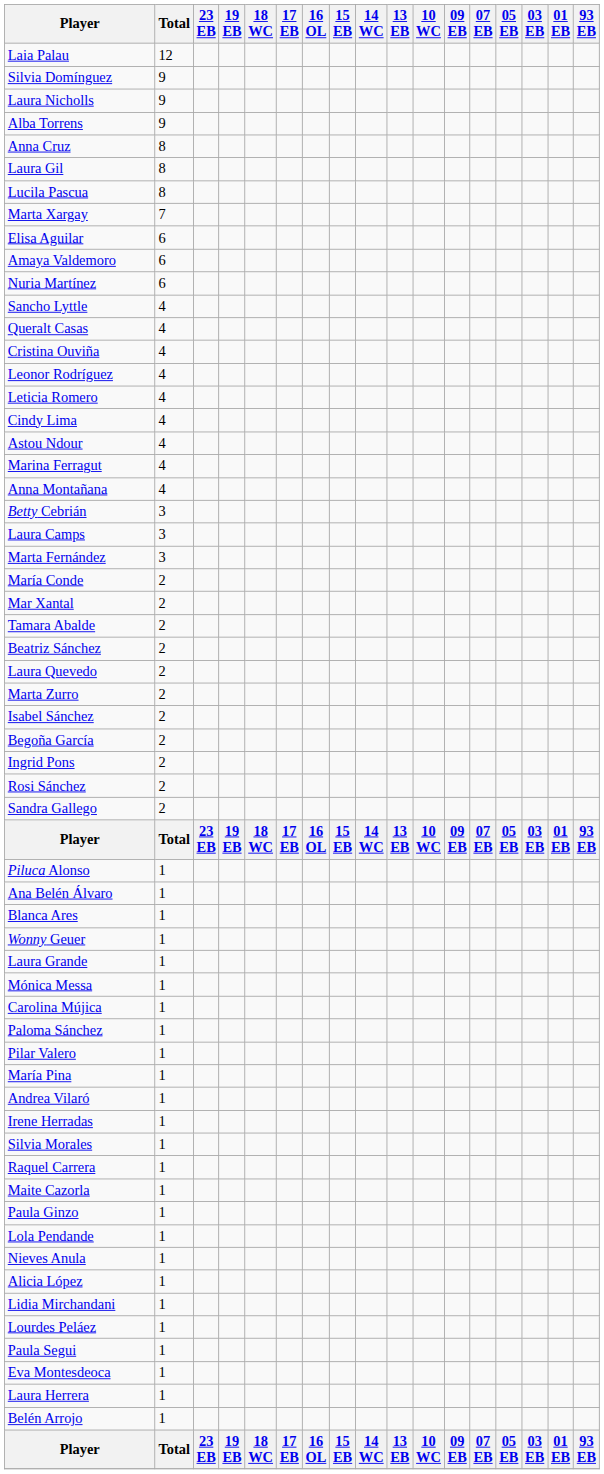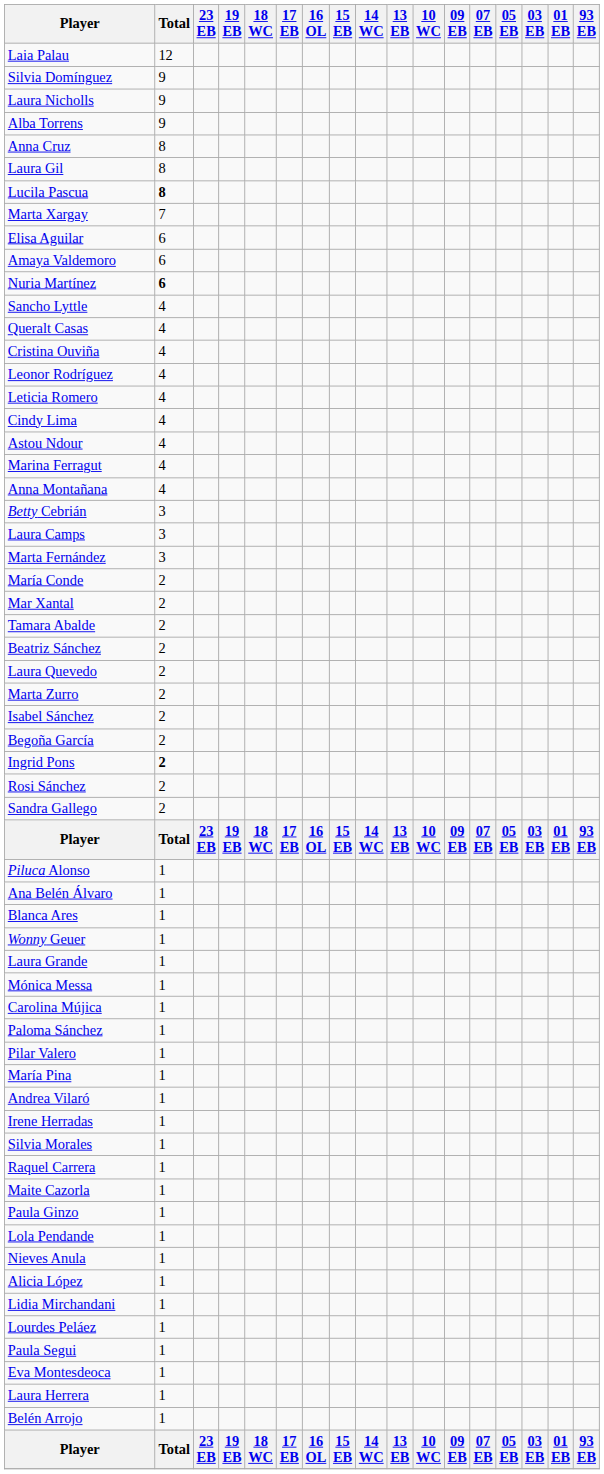 <table class="wikitable">
 <tr>
 <th style="width:160px;">Player</th>
 <th>Total</th>
 <th><a href='#'>23<br>EB</a></th>
 <th><a href='#'>19<br>EB</a></th>
 <th><a href='#'>18<br>WC</a></th>
 <th><a href='#'>17<br>EB</a></th>
 <th><a href='#'>16<br>OL</a></th>
 <th><a href='#'>15<br>EB</a></th>
 <th><a href='#'>14<br>WC</a></th>
 <th><a href='#'>13<br>EB</a></th>
 <th><a href='#'>10<br>WC</a></th>
 <th><a href='#'>09<br>EB</a></th>
 <th><a href='#'>07<br>EB</a></th>
 <th><a href='#'>05<br>EB</a></th>
 <th><a href='#'>03<br>EB</a></th>
 <th><a href='#'>01<br>EB</a></th>
 <th><a href='#'>93<br>EB</a></th>
 </tr>
 <tr>
 <td><a href='#'>Laia Palau</a></td>
 <td>12</td>
 <td></td>
 <td></td>
 <td></td>
 <td></td>
 <td></td>
 <td></td>
 <td></td>
 <td></td>
 <td></td>
 <td></td>
 <td></td>
 <td></td>
 <td></td>
 <td></td>
 <td></td>
 </tr>
 <tr>
 <td><a href='#'>Silvia Domínguez</a></td>
 <td>9</td>
 <td></td>
 <td></td>
 <td></td>
 <td></td>
 <td></td>
 <td></td>
 <td></td>
 <td></td>
 <td></td>
 <td></td>
 <td></td>
 <td></td>
 <td></td>
 <td></td>
 <td></td>
 </tr>
 <tr>
 <td><a href='#'>Laura Nicholls</a></td>
 <td>9</td>
 <td></td>
 <td></td>
 <td></td>
 <td></td>
 <td></td>
 <td></td>
 <td></td>
 <td></td>
 <td></td>
 <td></td>
 <td></td>
 <td></td>
 <td></td>
 <td></td>
 <td></td>
 </tr>
 <tr>
 <td><a href='#'>Alba Torrens</a></td>
 <td>9</td>
 <td></td>
 <td></td>
 <td></td>
 <td></td>
 <td></td>
 <td></td>
 <td></td>
 <td></td>
 <td></td>
 <td></td>
 <td></td>
 <td></td>
 <td></td>
 <td></td>
 <td></td>
 </tr>
 <tr>
 <td><a href='#'>Anna Cruz</a></td>
 <td>8</td>
 <td></td>
 <td></td>
 <td></td>
 <td></td>
 <td></td>
 <td></td>
 <td></td>
 <td></td>
 <td></td>
 <td></td>
 <td></td>
 <td></td>
 <td></td>
 <td></td>
 <td></td>
 </tr>
 <tr>
 <td><a href='#'>Laura Gil</a></td>
 <td>8</td>
 <td></td>
 <td></td>
 <td></td>
 <td></td>
 <td></td>
 <td></td>
 <td></td>
 <td></td>
 <td></td>
 <td></td>
 <td></td>
 <td></td>
 <td></td>
 <td></td>
 <td></td>
 </tr>
 <tr>
 <td><a href='#'>Lucila Pascua</a></td>
-<td>8</td>
+<td><strong>8</strong></td>
 <td></td>
 <td></td>
 <td></td>
 <td></td>
 <td></td>
 <td></td>
 <td></td>
 <td></td>
 <td></td>
 <td></td>
 <td></td>
 <td></td>
 <td></td>
 <td></td>
 <td></td>
 </tr>
 <tr>
 <td><a href='#'>Marta Xargay</a></td>
 <td>7</td>
 <td></td>
 <td></td>
 <td></td>
 <td></td>
 <td></td>
 <td></td>
 <td></td>
 <td></td>
 <td></td>
 <td></td>
 <td></td>
 <td></td>
 <td></td>
 <td></td>
 <td></td>
 </tr>
 <tr>
 <td><a href='#'>Elisa Aguilar</a></td>
 <td>6</td>
 <td></td>
 <td></td>
 <td></td>
 <td></td>
 <td></td>
 <td></td>
 <td></td>
 <td></td>
 <td></td>
 <td></td>
 <td></td>
 <td></td>
 <td></td>
 <td></td>
 <td></td>
 </tr>
 <tr>
 <td><a href='#'>Amaya Valdemoro</a></td>
 <td>6</td>
 <td></td>
 <td></td>
 <td></td>
 <td></td>
 <td></td>
 <td></td>
 <td></td>
 <td></td>
 <td></td>
 <td></td>
 <td></td>
 <td></td>
 <td></td>
 <td></td>
 <td></td>
 </tr>
 <tr>
 <td><a href='#'>Nuria Martínez</a></td>
-<td>6</td>
+<td><strong>6</strong></td>
 <td></td>
 <td></td>
 <td></td>
 <td></td>
 <td></td>
 <td></td>
 <td></td>
 <td></td>
 <td></td>
 <td></td>
 <td></td>
 <td></td>
 <td></td>
 <td></td>
 <td></td>
 </tr>
 <tr>
 <td><a href='#'>Sancho Lyttle</a></td>
 <td>4</td>
 <td></td>
 <td></td>
 <td></td>
 <td></td>
 <td></td>
 <td></td>
 <td></td>
 <td></td>
 <td></td>
 <td></td>
 <td></td>
 <td></td>
 <td></td>
 <td></td>
 <td></td>
 </tr>
 <tr>
 <td><a href='#'>Queralt Casas</a></td>
 <td>4</td>
 <td></td>
 <td></td>
 <td></td>
 <td></td>
 <td></td>
 <td></td>
 <td></td>
 <td></td>
 <td></td>
 <td></td>
 <td></td>
 <td></td>
 <td></td>
 <td></td>
 <td></td>
 </tr>
 <tr>
 <td><a href='#'>Cristina Ouviña</a></td>
 <td>4</td>
 <td></td>
 <td></td>
 <td></td>
 <td></td>
 <td></td>
 <td></td>
 <td></td>
 <td></td>
 <td></td>
 <td></td>
 <td></td>
 <td></td>
 <td></td>
 <td></td>
 <td></td>
 </tr>
 <tr>
 <td><a href='#'>Leonor Rodríguez</a></td>
 <td>4</td>
 <td></td>
 <td></td>
 <td></td>
 <td></td>
 <td></td>
 <td></td>
 <td></td>
 <td></td>
 <td></td>
 <td></td>
 <td></td>
 <td></td>
 <td></td>
 <td></td>
 <td></td>
 </tr>
 <tr>
 <td><a href='#'>Leticia Romero</a></td>
 <td>4</td>
 <td></td>
 <td></td>
 <td></td>
 <td></td>
 <td></td>
 <td></td>
 <td></td>
 <td></td>
 <td></td>
 <td></td>
 <td></td>
 <td></td>
 <td></td>
 <td></td>
 <td></td>
 </tr>
 <tr>
 <td><a href='#'>Cindy Lima</a></td>
 <td>4</td>
 <td></td>
 <td></td>
 <td></td>
 <td></td>
 <td></td>
 <td></td>
 <td></td>
 <td></td>
 <td></td>
 <td></td>
 <td></td>
 <td></td>
 <td></td>
 <td></td>
 <td></td>
 </tr>
 <tr>
 <td><a href='#'>Astou Ndour</a></td>
 <td>4</td>
 <td></td>
 <td></td>
 <td></td>
 <td></td>
 <td></td>
 <td></td>
 <td></td>
 <td></td>
 <td></td>
 <td></td>
 <td></td>
 <td></td>
 <td></td>
 <td></td>
 <td></td>
 </tr>
 <tr>
 <td><a href='#'>Marina Ferragut</a></td>
 <td>4</td>
 <td></td>
 <td></td>
 <td></td>
 <td></td>
 <td></td>
 <td></td>
 <td></td>
 <td></td>
 <td></td>
 <td></td>
 <td></td>
 <td></td>
 <td></td>
 <td></td>
 <td></td>
 </tr>
 <tr>
 <td><a href='#'>Anna Montañana</a></td>
 <td>4</td>
 <td></td>
 <td></td>
 <td></td>
 <td></td>
 <td></td>
 <td></td>
 <td></td>
 <td></td>
 <td></td>
 <td></td>
 <td></td>
 <td></td>
 <td></td>
 <td></td>
 <td></td>
 </tr>
 <tr>
 <td><a href='#'><em>Betty</em> Cebrián</a></td>
 <td>3</td>
 <td></td>
 <td></td>
 <td></td>
 <td></td>
 <td></td>
 <td></td>
 <td></td>
 <td></td>
 <td></td>
 <td></td>
 <td></td>
 <td></td>
 <td></td>
 <td></td>
 <td></td>
 </tr>
 <tr>
 <td><a href='#'>Laura Camps</a></td>
 <td>3</td>
 <td></td>
 <td></td>
 <td></td>
 <td></td>
 <td></td>
 <td></td>
 <td></td>
 <td></td>
 <td></td>
 <td></td>
 <td></td>
 <td></td>
 <td></td>
 <td></td>
 <td></td>
 </tr>
 <tr>
 <td><a href='#'>Marta Fernández</a></td>
 <td>3</td>
 <td></td>
 <td></td>
 <td></td>
 <td></td>
 <td></td>
 <td></td>
 <td></td>
 <td></td>
 <td></td>
 <td></td>
 <td></td>
 <td></td>
 <td></td>
 <td></td>
 <td></td>
 </tr>
 <tr>
 <td><a href='#'>María Conde</a></td>
 <td>2</td>
 <td></td>
 <td></td>
 <td></td>
 <td></td>
 <td></td>
 <td></td>
 <td></td>
 <td></td>
 <td></td>
 <td></td>
 <td></td>
 <td></td>
 <td></td>
 <td></td>
 <td></td>
 </tr>
 <tr>
 <td><a href='#'>Mar Xantal</a></td>
 <td>2</td>
 <td></td>
 <td></td>
 <td></td>
 <td></td>
 <td></td>
 <td></td>
 <td></td>
 <td></td>
 <td></td>
 <td></td>
 <td></td>
 <td></td>
 <td></td>
 <td></td>
 <td></td>
 </tr>
 <tr>
 <td><a href='#'>Tamara Abalde</a></td>
 <td>2</td>
 <td></td>
 <td></td>
 <td></td>
 <td></td>
 <td></td>
 <td></td>
 <td></td>
 <td></td>
 <td></td>
 <td></td>
 <td></td>
 <td></td>
 <td></td>
 <td></td>
 <td></td>
 </tr>
 <tr>
 <td><a href='#'>Beatriz Sánchez</a></td>
 <td>2</td>
 <td></td>
 <td></td>
 <td></td>
 <td></td>
 <td></td>
 <td></td>
 <td></td>
 <td></td>
 <td></td>
 <td></td>
 <td></td>
 <td></td>
 <td></td>
 <td></td>
 <td></td>
 </tr>
 <tr>
 <td><a href='#'>Laura Quevedo</a></td>
 <td>2</td>
 <td></td>
 <td></td>
 <td></td>
 <td></td>
 <td></td>
 <td></td>
 <td></td>
 <td></td>
 <td></td>
 <td></td>
 <td></td>
 <td></td>
 <td></td>
 <td></td>
 <td></td>
 </tr>
 <tr>
 <td><a href='#'>Marta Zurro</a></td>
 <td>2</td>
 <td></td>
 <td></td>
 <td></td>
 <td></td>
 <td></td>
 <td></td>
 <td></td>
 <td></td>
 <td></td>
 <td></td>
 <td></td>
 <td></td>
 <td></td>
 <td></td>
 <td></td>
 </tr>
 <tr>
 <td><a href='#'>Isabel Sánchez</a></td>
 <td>2</td>
 <td></td>
 <td></td>
 <td></td>
 <td></td>
 <td></td>
 <td></td>
 <td></td>
 <td></td>
 <td></td>
 <td></td>
 <td></td>
 <td></td>
 <td></td>
 <td></td>
 <td></td>
 </tr>
 <tr>
 <td><a href='#'>Begoña García</a></td>
 <td>2</td>
 <td></td>
 <td></td>
 <td></td>
 <td></td>
 <td></td>
 <td></td>
 <td></td>
 <td></td>
 <td></td>
 <td></td>
 <td></td>
 <td></td>
 <td></td>
 <td></td>
 <td></td>
 </tr>
 <tr>
 <td><a href='#'>Ingrid Pons</a></td>
-<td>2</td>
+<td><strong>2</strong></td>
 <td></td>
 <td></td>
 <td></td>
 <td></td>
 <td></td>
 <td></td>
 <td></td>
 <td></td>
 <td></td>
 <td></td>
 <td></td>
 <td></td>
 <td></td>
 <td></td>
 <td></td>
 </tr>
 <tr>
 <td><a href='#'>Rosi Sánchez</a></td>
 <td>2</td>
 <td></td>
 <td></td>
 <td></td>
 <td></td>
 <td></td>
 <td></td>
 <td></td>
 <td></td>
 <td></td>
 <td></td>
 <td></td>
 <td></td>
 <td></td>
 <td></td>
 <td></td>
 </tr>
 <tr>
 <td><a href='#'>Sandra Gallego</a></td>
 <td>2</td>
 <td></td>
 <td></td>
 <td></td>
 <td></td>
 <td></td>
 <td></td>
 <td></td>
 <td></td>
 <td></td>
 <td></td>
 <td></td>
 <td></td>
 <td></td>
 <td></td>
 <td></td>
 </tr>
 <tr>
 <th>Player</th>
 <th>Total</th>
 <th><a href='#'>23<br>EB</a></th>
 <th><a href='#'>19<br>EB</a></th>
 <th><a href='#'>18<br>WC</a></th>
 <th><a href='#'>17<br>EB</a></th>
 <th><a href='#'>16<br>OL</a></th>
 <th><a href='#'>15<br>EB</a></th>
 <th><a href='#'>14<br>WC</a></th>
 <th><a href='#'>13<br>EB</a></th>
 <th><a href='#'>10<br>WC</a></th>
 <th><a href='#'>09<br>EB</a></th>
 <th><a href='#'>07<br>EB</a></th>
 <th><a href='#'>05<br>EB</a></th>
 <th><a href='#'>03<br>EB</a></th>
 <th><a href='#'>01<br>EB</a></th>
 <th><a href='#'>93<br>EB</a></th>
 </tr>
 <tr>
 <td><a href='#'><em>Piluca</em> Alonso</a></td>
 <td>1</td>
 <td></td>
 <td></td>
 <td></td>
 <td></td>
 <td></td>
 <td></td>
 <td></td>
 <td></td>
 <td></td>
 <td></td>
 <td></td>
 <td></td>
 <td></td>
 <td></td>
 <td></td>
 </tr>
 <tr>
 <td><a href='#'>Ana Belén Álvaro</a></td>
 <td>1</td>
 <td></td>
 <td></td>
 <td></td>
 <td></td>
 <td></td>
 <td></td>
 <td></td>
 <td></td>
 <td></td>
 <td></td>
 <td></td>
 <td></td>
 <td></td>
 <td></td>
 <td></td>
 </tr>
 <tr>
 <td><a href='#'>Blanca Ares</a></td>
 <td>1</td>
 <td></td>
 <td></td>
 <td></td>
 <td></td>
 <td></td>
 <td></td>
 <td></td>
 <td></td>
 <td></td>
 <td></td>
 <td></td>
 <td></td>
 <td></td>
 <td></td>
 <td></td>
 </tr>
 <tr>
 <td><a href='#'><em>Wonny</em> Geuer</a></td>
 <td>1</td>
 <td></td>
 <td></td>
 <td></td>
 <td></td>
 <td></td>
 <td></td>
 <td></td>
 <td></td>
 <td></td>
 <td></td>
 <td></td>
 <td></td>
 <td></td>
 <td></td>
 <td></td>
 </tr>
 <tr>
 <td><a href='#'>Laura Grande</a></td>
 <td>1</td>
 <td></td>
 <td></td>
 <td></td>
 <td></td>
 <td></td>
 <td></td>
 <td></td>
 <td></td>
 <td></td>
 <td></td>
 <td></td>
 <td></td>
 <td></td>
 <td></td>
 <td></td>
 </tr>
 <tr>
 <td><a href='#'>Mónica Messa</a></td>
 <td>1</td>
 <td></td>
 <td></td>
 <td></td>
 <td></td>
 <td></td>
 <td></td>
 <td></td>
 <td></td>
 <td></td>
 <td></td>
 <td></td>
 <td></td>
 <td></td>
 <td></td>
 <td></td>
 </tr>
 <tr>
 <td><a href='#'>Carolina Mújica</a></td>
 <td>1</td>
 <td></td>
 <td></td>
 <td></td>
 <td></td>
 <td></td>
 <td></td>
 <td></td>
 <td></td>
 <td></td>
 <td></td>
 <td></td>
 <td></td>
 <td></td>
 <td></td>
 <td></td>
 </tr>
 <tr>
 <td><a href='#'>Paloma Sánchez</a></td>
 <td>1</td>
 <td></td>
 <td></td>
 <td></td>
 <td></td>
 <td></td>
 <td></td>
 <td></td>
 <td></td>
 <td></td>
 <td></td>
 <td></td>
 <td></td>
 <td></td>
 <td></td>
 <td></td>
 </tr>
 <tr>
 <td><a href='#'>Pilar Valero</a></td>
 <td>1</td>
 <td></td>
 <td></td>
 <td></td>
 <td></td>
 <td></td>
 <td></td>
 <td></td>
 <td></td>
 <td></td>
 <td></td>
 <td></td>
 <td></td>
 <td></td>
 <td></td>
 <td></td>
 </tr>
 <tr>
 <td><a href='#'>María Pina</a></td>
 <td>1</td>
 <td></td>
 <td></td>
 <td></td>
 <td></td>
 <td></td>
 <td></td>
 <td></td>
 <td></td>
 <td></td>
 <td></td>
 <td></td>
 <td></td>
 <td></td>
 <td></td>
 <td></td>
 </tr>
 <tr>
 <td><a href='#'>Andrea Vilaró</a></td>
 <td>1</td>
 <td></td>
 <td></td>
 <td></td>
 <td></td>
 <td></td>
 <td></td>
 <td></td>
 <td></td>
 <td></td>
 <td></td>
 <td></td>
 <td></td>
 <td></td>
 <td></td>
 <td></td>
 </tr>
 <tr>
 <td><a href='#'>Irene Herradas</a></td>
 <td>1</td>
 <td></td>
 <td></td>
 <td></td>
 <td></td>
 <td></td>
 <td></td>
 <td></td>
 <td></td>
 <td></td>
 <td></td>
 <td></td>
 <td></td>
 <td></td>
 <td></td>
 <td></td>
 </tr>
 <tr>
 <td><a href='#'>Silvia Morales</a></td>
 <td>1</td>
 <td></td>
 <td></td>
 <td></td>
 <td></td>
 <td></td>
 <td></td>
 <td></td>
 <td></td>
 <td></td>
 <td></td>
 <td></td>
 <td></td>
 <td></td>
 <td></td>
 <td></td>
 </tr>
 <tr>
 <td><a href='#'>Raquel Carrera</a></td>
 <td>1</td>
 <td></td>
 <td></td>
 <td></td>
 <td></td>
 <td></td>
 <td></td>
 <td></td>
 <td></td>
 <td></td>
 <td></td>
 <td></td>
 <td></td>
 <td></td>
 <td></td>
 <td></td>
 </tr>
 <tr>
 <td><a href='#'>Maite Cazorla</a></td>
 <td>1</td>
 <td></td>
 <td></td>
 <td></td>
 <td></td>
 <td></td>
 <td></td>
 <td></td>
 <td></td>
 <td></td>
 <td></td>
 <td></td>
 <td></td>
 <td></td>
 <td></td>
 <td></td>
 </tr>
 <tr>
 <td><a href='#'>Paula Ginzo</a></td>
 <td>1</td>
 <td></td>
 <td></td>
 <td></td>
 <td></td>
 <td></td>
 <td></td>
 <td></td>
 <td></td>
 <td></td>
 <td></td>
 <td></td>
 <td></td>
 <td></td>
 <td></td>
 <td></td>
 </tr>
 <tr>
 <td><a href='#'>Lola Pendande</a></td>
 <td>1</td>
 <td></td>
 <td></td>
 <td></td>
 <td></td>
 <td></td>
 <td></td>
 <td></td>
 <td></td>
 <td></td>
 <td></td>
 <td></td>
 <td></td>
 <td></td>
 <td></td>
 <td></td>
 </tr>
 <tr>
 <td><a href='#'>Nieves Anula</a></td>
 <td>1</td>
 <td></td>
 <td></td>
 <td></td>
 <td></td>
 <td></td>
 <td></td>
 <td></td>
 <td></td>
 <td></td>
 <td></td>
 <td></td>
 <td></td>
 <td></td>
 <td></td>
 <td></td>
 </tr>
 <tr>
 <td><a href='#'>Alicia López</a></td>
 <td>1</td>
 <td></td>
 <td></td>
 <td></td>
 <td></td>
 <td></td>
 <td></td>
 <td></td>
 <td></td>
 <td></td>
 <td></td>
 <td></td>
 <td></td>
 <td></td>
 <td></td>
 <td></td>
 </tr>
 <tr>
 <td><a href='#'>Lidia Mirchandani</a></td>
 <td>1</td>
 <td></td>
 <td></td>
 <td></td>
 <td></td>
 <td></td>
 <td></td>
 <td></td>
 <td></td>
 <td></td>
 <td></td>
 <td></td>
 <td></td>
 <td></td>
 <td></td>
 <td></td>
 </tr>
 <tr>
 <td><a href='#'>Lourdes Peláez</a></td>
 <td>1</td>
 <td></td>
 <td></td>
 <td></td>
 <td></td>
 <td></td>
 <td></td>
 <td></td>
 <td></td>
 <td></td>
 <td></td>
 <td></td>
 <td></td>
 <td></td>
 <td></td>
 <td></td>
 </tr>
 <tr>
 <td><a href='#'>Paula Segui</a></td>
 <td>1</td>
 <td></td>
 <td></td>
 <td></td>
 <td></td>
 <td></td>
 <td></td>
 <td></td>
 <td></td>
 <td></td>
 <td></td>
 <td></td>
 <td></td>
 <td></td>
 <td></td>
 <td></td>
 </tr>
 <tr>
 <td><a href='#'>Eva Montesdeoca</a></td>
 <td>1</td>
 <td></td>
 <td></td>
 <td></td>
 <td></td>
 <td></td>
 <td></td>
 <td></td>
 <td></td>
 <td></td>
 <td></td>
 <td></td>
 <td></td>
 <td></td>
 <td></td>
 <td></td>
 </tr>
 <tr>
 <td><a href='#'>Laura Herrera</a></td>
 <td>1</td>
 <td></td>
 <td></td>
 <td></td>
 <td></td>
 <td></td>
 <td></td>
 <td></td>
 <td></td>
 <td></td>
 <td></td>
 <td></td>
 <td></td>
 <td></td>
 <td></td>
 <td></td>
 </tr>
 <tr>
 <td><a href='#'>Belén Arrojo</a></td>
 <td>1</td>
 <td></td>
 <td></td>
 <td></td>
 <td></td>
 <td></td>
 <td></td>
 <td></td>
 <td></td>
 <td></td>
 <td></td>
 <td></td>
 <td></td>
 <td></td>
 <td></td>
 <td></td>
 </tr>
 <tr>
 <th>Player</th>
 <th>Total</th>
 <th><a href='#'>23<br>EB</a></th>
 <th><a href='#'>19<br>EB</a></th>
 <th><a href='#'>18<br>WC</a></th>
 <th><a href='#'>17<br>EB</a></th>
 <th><a href='#'>16<br>OL</a></th>
 <th><a href='#'>15<br>EB</a></th>
 <th><a href='#'>14<br>WC</a></th>
 <th><a href='#'>13<br>EB</a></th>
 <th><a href='#'>10<br>WC</a></th>
 <th><a href='#'>09<br>EB</a></th>
 <th><a href='#'>07<br>EB</a></th>
 <th><a href='#'>05<br>EB</a></th>
 <th><a href='#'>03<br>EB</a></th>
 <th><a href='#'>01<br>EB</a></th>
 <th><a href='#'>93<br>EB</a></th>
 </tr>
 <tr>
 </tr>
 </table>
